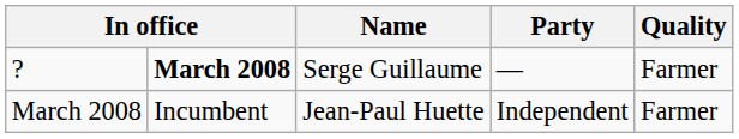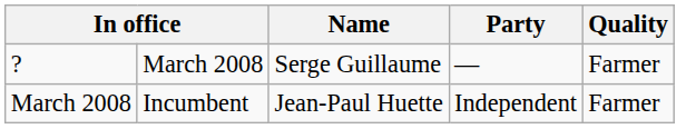 <table class="wikitable">
 <tr>
 <th colspan="2">In office</th>
 <th>Name</th>
 <th>Party</th>
 <th>Quality</th>
 </tr>
 <tr>
 <td>?</td>
-<td><strong>March 2008</strong></td>
+<td>March 2008</td>
 <td>Serge Guillaume</td>
 <td>—</td>
 <td>Farmer</td>
 </tr>
 <tr>
 <td>March 2008</td>
 <td>Incumbent</td>
 <td>Jean-Paul Huette</td>
 <td>Independent</td>
 <td>Farmer</td>
 </tr>
 </table>
